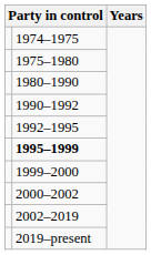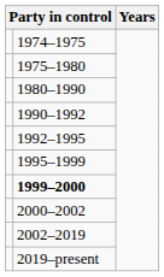 <table class="wikitable">
 <tr>
 <th colspan=2>Party in control</th>
 <th>Years</th>
 </tr>
 <tr>
 <td></td>
 <td>1974–1975</td>
 </tr>
 <tr>
 <td></td>
 <td>1975–1980</td>
 </tr>
 <tr>
 <td></td>
 <td>1980–1990</td>
 </tr>
 <tr>
 <td></td>
 <td>1990–1992</td>
 </tr>
 <tr>
 <td></td>
 <td>1992–1995</td>
 </tr>
 <tr>
 <td></td>
-<td><strong>1995–1999</strong></td>
+<td>1995–1999</td>
 </tr>
 <tr>
 <td></td>
-<td>1999–2000</td>
+<td><strong>1999–2000</strong></td>
 </tr>
 <tr>
 <td></td>
 <td>2000–2002</td>
 </tr>
 <tr>
 <td></td>
 <td>2002–2019</td>
 </tr>
 <tr>
 <td></td>
 <td>2019–present</td>
 </tr>
 </table>
